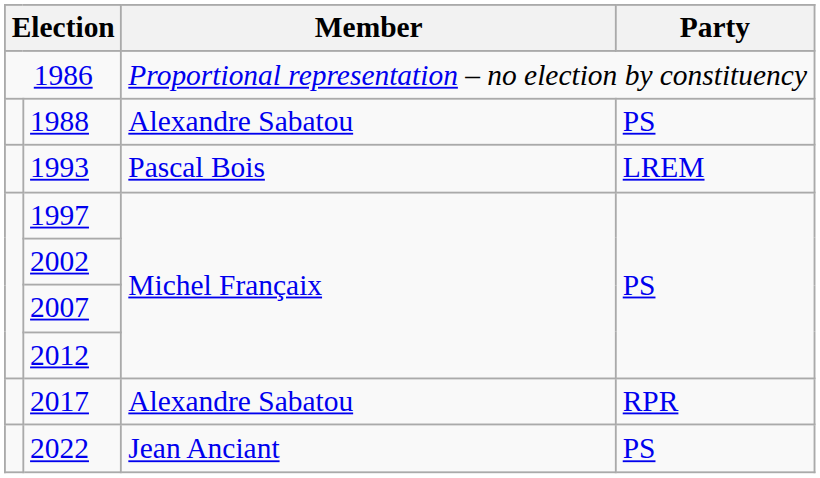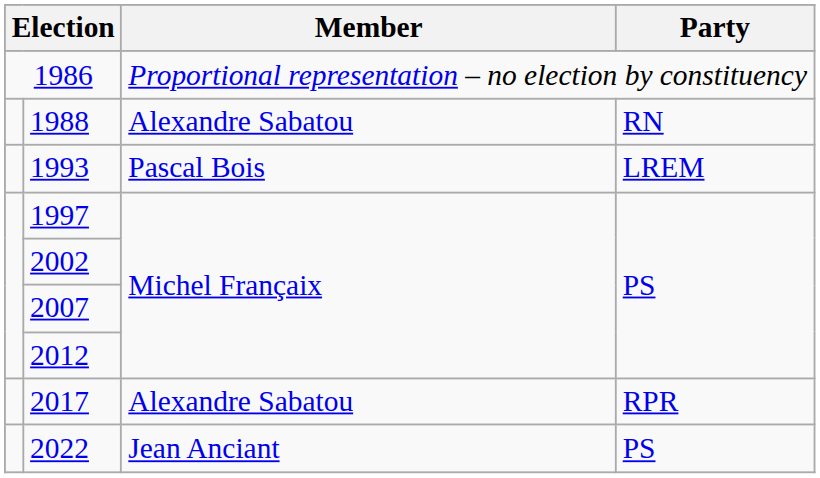 <table class="wikitable">
 <tr>
 <th colspan="2">Election</th>
 <th>Member</th>
 <th>Party</th>
 </tr>
 <tr>
 <td colspan="2" align="center"><a href='#'>1986</a></td>
 <td colspan="2"><em><a href='#'>Proportional representation</a> – no election by constituency</em></td>
 </tr>
 <tr>
 <td style="color:inherit;background-color: "></td>
 <td><a href='#'>1988</a></td>
 <td><a href='#'>Alexandre Sabatou</a></td>
-<td><a href='#'>PS</a></td>
+<td><a href='#'>RN</a></td>
 </tr>
 <tr>
 <td style="color:inherit;background-color: "></td>
 <td><a href='#'>1993</a></td>
 <td><a href='#'>Pascal Bois</a></td>
 <td><a href='#'>LREM</a></td>
 </tr>
 <tr>
 <td rowspan="4" style="color:inherit;background-color: "></td>
 <td><a href='#'>1997</a></td>
 <td rowspan="4"><a href='#'>Michel Françaix</a></td>
 <td rowspan="4"><a href='#'>PS</a></td>
 </tr>
 <tr>
 <td><a href='#'>2002</a></td>
 </tr>
 <tr>
 <td><a href='#'>2007</a></td>
 </tr>
 <tr>
 <td><a href='#'>2012</a></td>
 </tr>
 <tr>
 <td style="color:inherit;background-color: "></td>
 <td><a href='#'>2017</a></td>
 <td><a href='#'>Alexandre Sabatou</a></td>
 <td><a href='#'>RPR</a></td>
 </tr>
 <tr>
 <td style="color:inherit;background-color: "></td>
 <td><a href='#'>2022</a></td>
 <td><a href='#'>Jean Anciant</a></td>
 <td><a href='#'>PS</a></td>
 </tr>
 </table>
